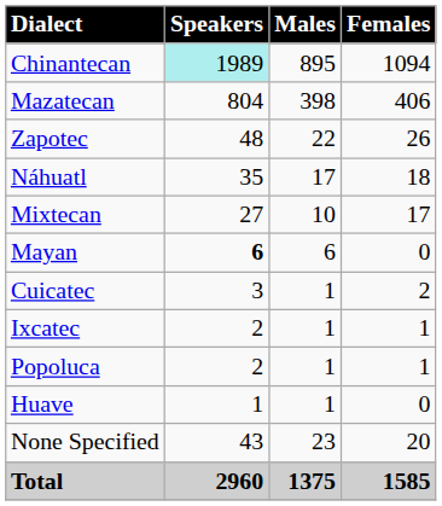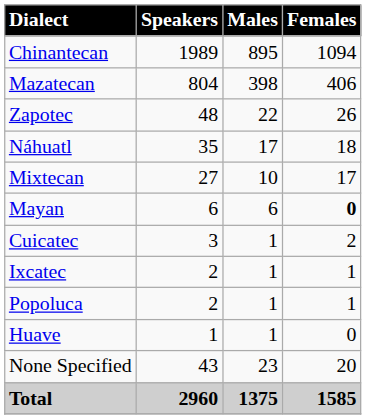 <table class="wikitable" style="margin:auto">
 <tr style="background:#000000; color:#FFFFFF;">
 <td><strong>Dialect</strong></td>
 <td><strong>Speakers</strong></td>
 <td><strong>Males</strong></td>
 <td><strong>Females</strong></td>
 </tr>
 <tr>
 <td><a href='#'>Chinantecan</a></td>
-<td align=right style="background: paleturquoise;">1989</td>
+<td align=right>1989</td>
 <td align=right>895</td>
 <td align=right>1094</td>
 </tr>
 <tr>
 <td><a href='#'>Mazatecan</a></td>
 <td align=right>804</td>
 <td align=right>398</td>
 <td align=right>406</td>
 </tr>
 <tr>
 <td><a href='#'>Zapotec</a></td>
 <td align=right>48</td>
 <td align=right>22</td>
 <td align=right>26</td>
 </tr>
 <tr>
 <td><a href='#'>Náhuatl</a></td>
 <td align=right>35</td>
 <td align=right>17</td>
 <td align=right>18</td>
 </tr>
 <tr>
 <td><a href='#'>Mixtecan</a></td>
 <td align=right>27</td>
 <td align=right>10</td>
 <td align=right>17</td>
 </tr>
 <tr>
 <td><a href='#'>Mayan</a></td>
-<td align=right><strong>6</strong></td>
 <td align=right>6</td>
-<td align=right>0</td>
+<td align=right>6</td>
+<td align=right><strong>0</strong></td>
 </tr>
 <tr>
 <td><a href='#'>Cuicatec</a></td>
 <td align=right>3</td>
 <td align=right>1</td>
 <td align=right>2</td>
 </tr>
 <tr>
 <td><a href='#'>Ixcatec</a></td>
 <td align=right>2</td>
 <td align=right>1</td>
 <td align=right>1</td>
 </tr>
 <tr>
 <td><a href='#'>Popoluca</a></td>
 <td align=right>2</td>
 <td align=right>1</td>
 <td align=right>1</td>
 </tr>
 <tr>
 <td><a href='#'>Huave</a></td>
 <td align=right>1</td>
 <td align=right>1</td>
 <td align=right>0</td>
 </tr>
 <tr>
 <td>None Specified</td>
 <td align=right>43</td>
 <td align=right>23</td>
 <td align=right>20</td>
 </tr>
 <tr style="background:#CFCFCF;">
 <td><strong>Total</strong></td>
 <td align=right><strong>2960</strong></td>
 <td align=right><strong>1375</strong></td>
 <td align=right><strong>1585</strong></td>
 </tr>
 <tr>
 </tr>
 <tr>
 </tr>
 </table>
